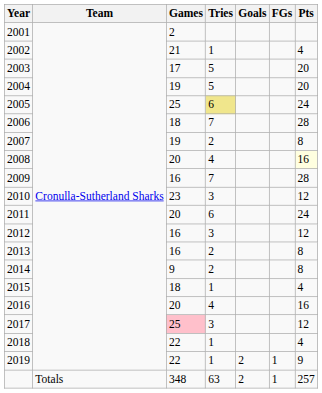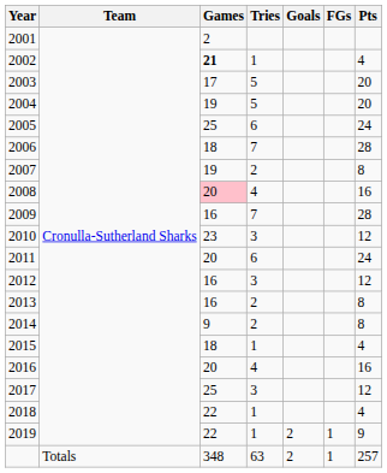 <table class="wikitable">
 <tr>
 <th>Year</th>
 <th>Team</th>
 <th>Games</th>
 <th>Tries</th>
 <th>Goals</th>
 <th>FGs</th>
 <th>Pts</th>
 </tr>
 <tr>
 <td>2001</td>
 <td rowspan="19"> <a href='#'>Cronulla-Sutherland Sharks</a></td>
 <td>2</td>
 <td></td>
 <td></td>
 <td></td>
 <td></td>
 </tr>
 <tr>
 <td>2002</td>
-<td>21</td>
+<td><strong>21</strong></td>
 <td>1</td>
 <td></td>
 <td></td>
 <td>4</td>
 </tr>
 <tr>
 <td>2003</td>
 <td>17</td>
 <td>5</td>
 <td></td>
 <td></td>
 <td>20</td>
 </tr>
 <tr>
 <td>2004</td>
 <td>19</td>
 <td>5</td>
 <td></td>
 <td></td>
 <td>20</td>
 </tr>
 <tr>
 <td>2005</td>
 <td>25</td>
-<td style="background: khaki;">6</td>
+<td>6</td>
 <td></td>
 <td></td>
 <td>24</td>
 </tr>
 <tr>
 <td>2006</td>
 <td>18</td>
 <td>7</td>
 <td></td>
 <td></td>
 <td>28</td>
 </tr>
 <tr>
 <td>2007</td>
 <td>19</td>
 <td>2</td>
 <td></td>
 <td></td>
 <td>8</td>
 </tr>
 <tr>
 <td>2008</td>
-<td>20</td>
+<td style="background: pink;">20</td>
 <td>4</td>
 <td></td>
 <td></td>
-<td style="background: lightyellow;">16</td>
+<td>16</td>
 </tr>
 <tr>
 <td>2009</td>
 <td>16</td>
 <td>7</td>
 <td></td>
 <td></td>
 <td>28</td>
 </tr>
 <tr>
 <td>2010</td>
 <td>23</td>
 <td>3</td>
 <td></td>
 <td></td>
 <td>12</td>
 </tr>
 <tr>
 <td>2011</td>
 <td>20</td>
 <td>6</td>
 <td></td>
 <td></td>
 <td>24</td>
 </tr>
 <tr>
 <td>2012</td>
 <td>16</td>
 <td>3</td>
 <td></td>
 <td></td>
 <td>12</td>
 </tr>
 <tr>
 <td>2013</td>
 <td>16</td>
 <td>2</td>
 <td></td>
 <td></td>
 <td>8</td>
 </tr>
 <tr>
 <td>2014</td>
 <td>9</td>
 <td>2</td>
 <td></td>
 <td></td>
 <td>8</td>
 </tr>
 <tr>
 <td>2015</td>
 <td>18</td>
 <td>1</td>
 <td></td>
 <td></td>
 <td>4</td>
 </tr>
 <tr>
 <td>2016</td>
 <td>20</td>
 <td>4</td>
 <td></td>
 <td></td>
 <td>16</td>
 </tr>
 <tr>
 <td>2017</td>
-<td style="background: pink;">25</td>
+<td>25</td>
 <td>3</td>
 <td></td>
 <td></td>
 <td>12</td>
 </tr>
 <tr>
 <td>2018</td>
 <td>22</td>
 <td>1</td>
 <td></td>
 <td></td>
 <td>4</td>
 </tr>
 <tr>
 <td>2019</td>
 <td>22</td>
 <td>1</td>
 <td>2</td>
 <td>1</td>
 <td>9</td>
 </tr>
 <tr>
 <td></td>
 <td>Totals</td>
 <td>348</td>
 <td>63</td>
 <td>2</td>
 <td>1</td>
 <td>257</td>
 </tr>
 </table>
